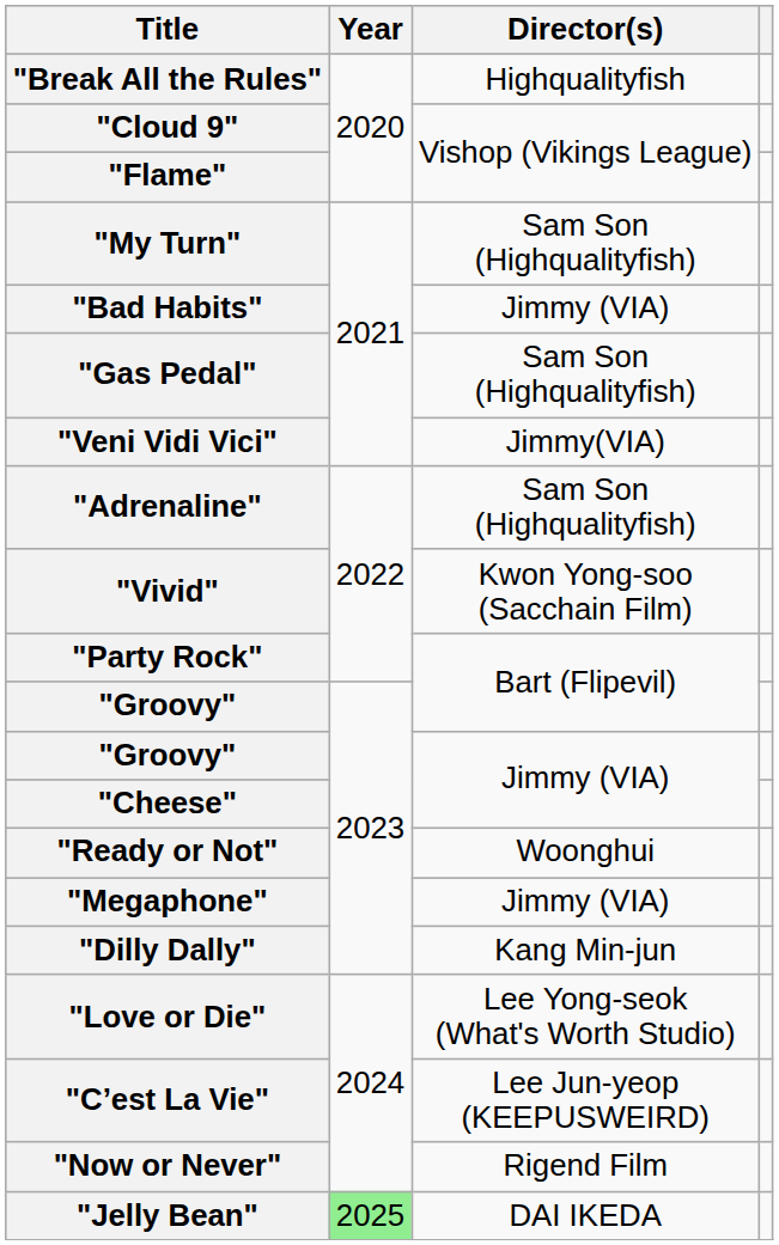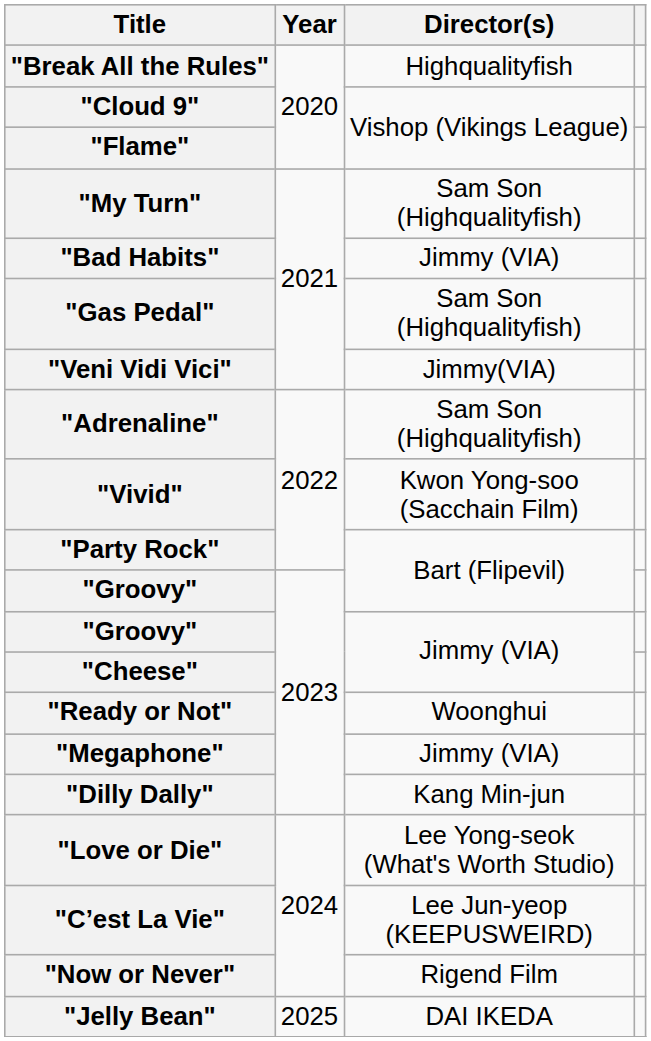 <table class="wikitable plainrowheaders" style="text-align:center">
 <tr>
 <th>Title</th>
 <th>Year</th>
 <th>Director(s)</th>
 <th></th>
 </tr>
 <tr>
 <th scope="row">"Break All the Rules"</th>
 <td rowspan="3">2020</td>
 <td>Highqualityfish</td>
 <td></td>
 </tr>
 <tr>
 <th scope="row">"Cloud 9"</th>
 <td scope="row" rowspan="2">Vishop (Vikings League)</td>
 <td></td>
 </tr>
 <tr>
 <th scope="row">"Flame"</th>
 <td></td>
 </tr>
 <tr>
 <th scope="row">"My Turn"</th>
 <td rowspan="4">2021</td>
 <td>Sam Son<br>(Highqualityfish)</td>
 <td></td>
 </tr>
 <tr>
 <th scope="row">"Bad Habits"<br></th>
 <td>Jimmy (VIA)</td>
 <td></td>
 </tr>
 <tr>
 <th scope="row">"Gas Pedal"</th>
 <td>Sam Son<br>(Highqualityfish)</td>
 <td></td>
 </tr>
 <tr>
 <th scope="row">"Veni Vidi Vici"<br></th>
 <td>Jimmy(VIA)</td>
 <td></td>
 </tr>
 <tr>
 <th scope="row">"Adrenaline"</th>
 <td rowspan="3">2022</td>
 <td>Sam Son<br>(Highqualityfish)</td>
 <td></td>
 </tr>
 <tr>
 <th scope="row">"Vivid"</th>
 <td>Kwon Yong-soo<br>(Sacchain Film)</td>
 <td></td>
 </tr>
 <tr>
 <th scope="row">"Party Rock"</th>
 <td rowspan="2">Bart (Flipevil)</td>
 <td></td>
 </tr>
 <tr>
 <th scope="row">"Groovy"</th>
 <td rowspan="6">2023</td>
 <td></td>
 </tr>
 <tr>
 <th scope="row">"Groovy"<br></th>
 <td rowspan="2">Jimmy (VIA)</td>
 <td></td>
 </tr>
 <tr>
 <th scope="row">"Cheese"</th>
 <td></td>
 </tr>
 <tr>
 <th scope="row">"Ready or Not"</th>
 <td>Woonghui</td>
 <td></td>
 </tr>
 <tr>
 <th scope="row">"Megaphone"</th>
 <td>Jimmy (VIA)</td>
 <td></td>
 </tr>
 <tr>
 <th scope="row">"Dilly Dally"</th>
 <td>Kang Min-jun</td>
 <td></td>
 </tr>
 <tr>
 <th scope="row">"Love or Die"</th>
 <td rowspan="3">2024</td>
 <td>Lee Yong-seok<br>(What's Worth Studio)</td>
 <td></td>
 </tr>
 <tr>
 <th scope="row">"C’est La Vie"</th>
 <td>Lee Jun-yeop<br>(KEEPUSWEIRD)</td>
 <td></td>
 </tr>
 <tr>
 <th scope="row">"Now or Never"</th>
 <td>Rigend Film</td>
 <td></td>
 </tr>
 <tr>
 <th scope="row">"Jelly Bean"</th>
-<td style="background: lightgreen;">2025</td>
+<td>2025</td>
 <td>DAI IKEDA</td>
 <td></td>
 </tr>
 <tr>
 </tr>
 </table>
